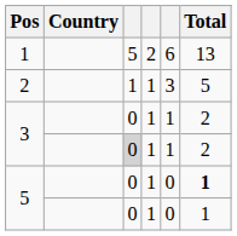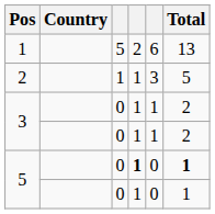 <table class=wikitable style="font-size:95%; text-align: center">
 <tr>
 <th>Pos</th>
 <th>Country</th>
 <th></th>
 <th></th>
 <th></th>
 <th>Total</th>
 </tr>
 <tr>
 <td>1</td>
 <td style=text-align:left></td>
 <td>5</td>
 <td>2</td>
 <td>6</td>
 <td>13</td>
 </tr>
 <tr>
 <td>2</td>
 <td style=text-align:left></td>
 <td>1</td>
 <td>1</td>
 <td>3</td>
 <td>5</td>
 </tr>
 <tr>
 <td rowspan=2>3</td>
 <td style=text-align:left></td>
 <td>0</td>
 <td>1</td>
 <td>1</td>
 <td>2</td>
 </tr>
 <tr>
 <td style=text-align:left></td>
-<td style="background: lightgrey;">0</td>
+<td>0</td>
 <td>1</td>
 <td>1</td>
 <td>2</td>
 </tr>
 <tr>
 <td rowspan=2>5</td>
 <td style=text-align:left></td>
 <td>0</td>
-<td>1</td>
+<td><strong>1</strong></td>
 <td>0</td>
 <td><strong>1</strong></td>
 </tr>
 <tr>
 <td style=text-align:left></td>
 <td>0</td>
 <td>1</td>
 <td>0</td>
 <td>1</td>
 </tr>
 </table>
